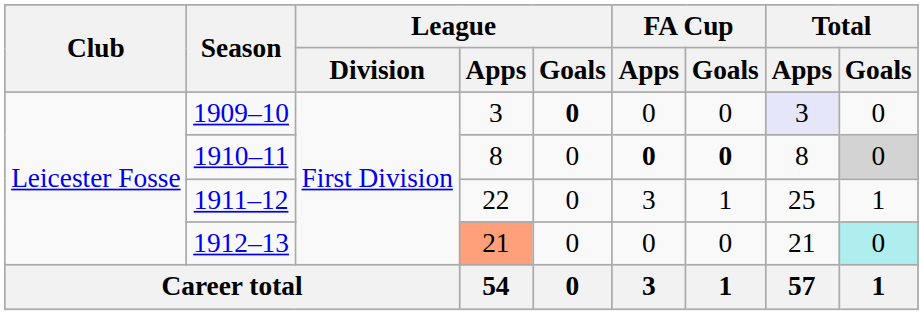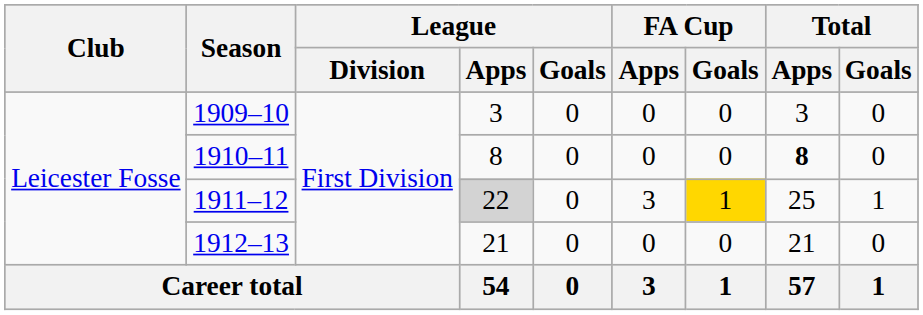 <table class="wikitable" style="text-align: center">
 <tr>
 <th rowspan="2">Club</th>
 <th rowspan="2">Season</th>
 <th colspan="3">League</th>
 <th colspan="2">FA Cup</th>
 <th colspan="2">Total</th>
 </tr>
 <tr>
 <th>Division</th>
 <th>Apps</th>
 <th>Goals</th>
 <th>Apps</th>
 <th>Goals</th>
 <th>Apps</th>
 <th>Goals</th>
 </tr>
 <tr>
 <td rowspan="4"><a href='#'>Leicester Fosse</a></td>
 <td><a href='#'>1909–10</a></td>
 <td rowspan="4"><a href='#'>First Division</a></td>
 <td>3</td>
-<td><strong>0</strong></td>
 <td>0</td>
 <td>0</td>
-<td style="background: lavender;">3</td>
+<td>0</td>
+<td>3</td>
 <td>0</td>
 </tr>
 <tr>
 <td><a href='#'>1910–11</a></td>
 <td>8</td>
 <td>0</td>
-<td><strong>0</strong></td>
-<td><strong>0</strong></td>
-<td>8</td>
-<td style="background: lightgrey;">0</td>
+<td>0</td>
+<td>0</td>
+<td><strong>8</strong></td>
+<td>0</td>
 </tr>
 <tr>
 <td><a href='#'>1911–12</a></td>
-<td>22</td>
+<td style="background: lightgrey;">22</td>
 <td>0</td>
 <td>3</td>
-<td>1</td>
+<td style="background: gold;">1</td>
 <td>25</td>
 <td>1</td>
 </tr>
 <tr>
 <td><a href='#'>1912–13</a></td>
-<td style="background: lightsalmon;">21</td>
+<td>21</td>
 <td>0</td>
 <td>0</td>
 <td>0</td>
 <td>21</td>
-<td style="background: paleturquoise;">0</td>
+<td>0</td>
 </tr>
 <tr>
 <th colspan="3">Career total</th>
 <th>54</th>
 <th>0</th>
 <th>3</th>
 <th>1</th>
 <th>57</th>
 <th>1</th>
 </tr>
 </table>
